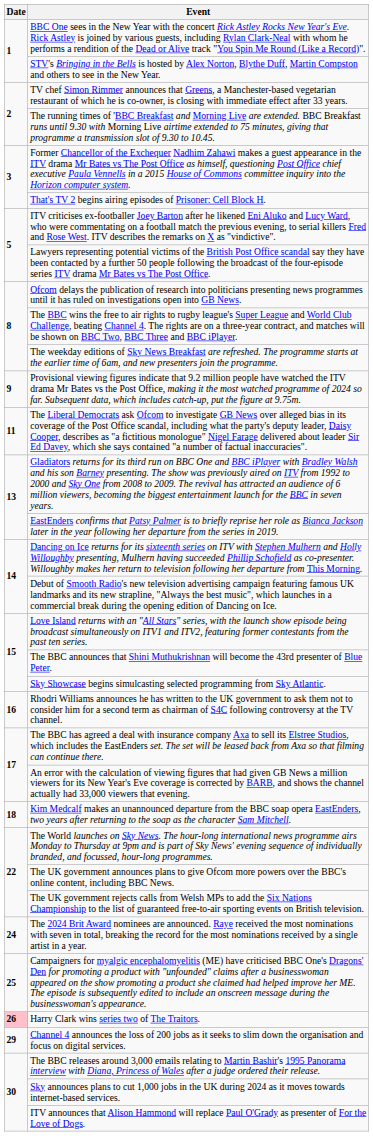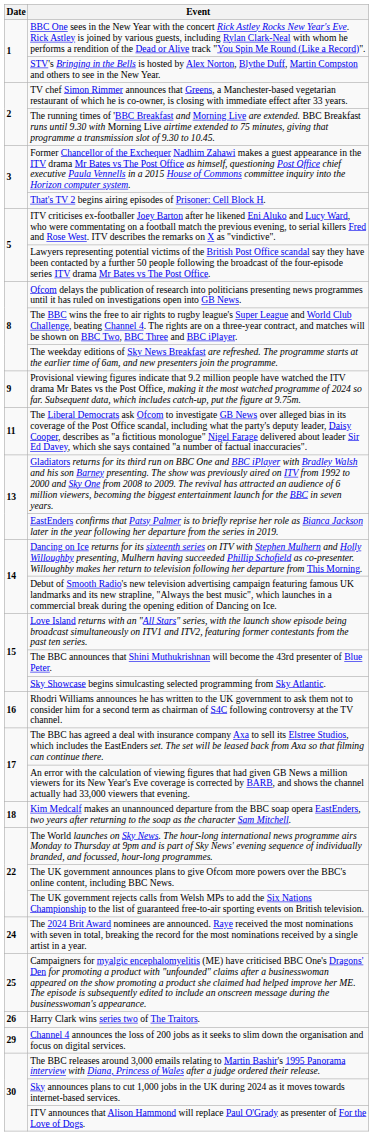 <table class="wikitable">
 <tr>
 <th>Date</th>
 <th>Event</th>
 </tr>
 <tr>
 <td rowspan=2><strong>1</strong></td>
 <td><a href='#'>BBC One</a> sees in the New Year with the concert <em><a href='#'>Rick Astley Rocks New Year's Eve</a></em>. <a href='#'>Rick Astley</a> is joined by various guests, including <a href='#'>Rylan Clark-Neal</a> with whom he performs a rendition of the <a href='#'>Dead or Alive</a> track "<a href='#'>You Spin Me Round (Like a Record)</a>".</td>
 </tr>
 <tr>
 <td><a href='#'>STV</a>'s <em><a href='#'>Bringing in the Bells</a></em> is hosted by <a href='#'>Alex Norton</a>, <a href='#'>Blythe Duff</a>, <a href='#'>Martin Compston</a> and others to see in the New Year.</td>
 </tr>
 <tr>
 <td rowspan=2><strong>2</strong></td>
 <td>TV chef <a href='#'>Simon Rimmer</a> announces that <a href='#'>Greens</a>, a Manchester-based vegetarian restaurant of which he is co-owner, is closing with immediate effect after 33 years.</td>
 </tr>
 <tr>
 <td>The running times of '<a href='#'>BBC Breakfast</a><em> and </em><a href='#'>Morning Live</a><em> are extended. </em>BBC Breakfast<em> runs until 9.30 with </em>Morning Live<em> airtime extended to 75 minutes, giving that programme a transmission slot of 9.30 to 10.45.</td>
 </tr>
 <tr>
 <td rowspan=2><strong>3</strong></td>
 <td>Former <a href='#'>Chancellor of the Exchequer</a> <a href='#'>Nadhim Zahawi</a> makes a guest appearance in the <a href='#'>ITV</a> drama </em><a href='#'>Mr Bates vs The Post Office</a><em> as himself, questioning <a href='#'>Post Office</a> chief executive <a href='#'>Paula Vennells</a> in a 2015 <a href='#'>House of Commons</a> committee inquiry into the <a href='#'>Horizon computer system</a>.</td>
 </tr>
 <tr>
 <td><a href='#'>That's TV 2</a> begins airing episodes of </em><a href='#'>Prisoner: Cell Block H</a><em>.</td>
 </tr>
 <tr>
 <td rowspan=2><strong>5</strong></td>
 <td>ITV criticises ex-footballer <a href='#'>Joey Barton</a> after he likened <a href='#'>Eni Aluko</a> and <a href='#'>Lucy Ward</a>, who were commentating on a football match the previous evening, to serial killers <a href='#'>Fred</a> and <a href='#'>Rose West</a>. ITV describes the remarks on <a href='#'>X</a> as "vindictive".</td>
 </tr>
 <tr>
 <td>Lawyers representing potential victims of the <a href='#'>British Post Office scandal</a> say they have been contacted by a further 50 people following the broadcast of the four-episode series <a href='#'>ITV</a> drama </em><a href='#'>Mr Bates vs The Post Office</a><em>.</td>
 </tr>
 <tr>
 <td rowspan=3><strong>8</strong></td>
 <td><a href='#'>Ofcom</a> delays the publication of research into politicians presenting news programmes until it has ruled on investigations open into <a href='#'>GB News</a>.</td>
 </tr>
 <tr>
 <td>The <a href='#'>BBC</a> wins the free to air rights to rugby league's <a href='#'>Super League</a> and <a href='#'>World Club Challenge</a>, beating <a href='#'>Channel 4</a>. The rights are on a three-year contract, and matches will be shown on <a href='#'>BBC Two</a>, <a href='#'>BBC Three</a> and <a href='#'>BBC iPlayer</a>.</td>
 </tr>
 <tr>
 <td>The weekday editions of </em><a href='#'>Sky News Breakfast</a><em> are refreshed. The programme starts at the earlier time of 6am, and new presenters join the programme.</td>
 </tr>
 <tr>
 <td><strong>9</strong></td>
 <td>Provisional viewing figures indicate that 9.2 million people have watched the ITV drama </em>Mr Bates vs the Post Office<em>, making it the most watched programme of 2024 so far. Subsequent data, which includes catch-up, put the figure at 9.75m.</td>
 </tr>
 <tr>
 <td><strong>11</strong></td>
 <td>The <a href='#'>Liberal Democrats</a> ask <a href='#'>Ofcom</a> to investigate <a href='#'>GB News</a> over alleged bias in its coverage of the Post Office scandal, including what the party's deputy leader, <a href='#'>Daisy Cooper</a>, describes as "a fictitious monologue" <a href='#'>Nigel Farage</a> delivered about leader <a href='#'>Sir Ed Davey</a>, which she says contained "a number of factual inaccuracies".</td>
 </tr>
 <tr>
 <td rowspan=2><strong>13</strong></td>
 <td></em><a href='#'>Gladiators</a><em> returns for its third run on BBC One and <a href='#'>BBC iPlayer</a> with <a href='#'>Bradley Walsh</a> and his son <a href='#'>Barney</a> presenting. The show was previously aired on <a href='#'>ITV</a> from 1992 to 2000 and <a href='#'>Sky One</a> from 2008 to 2009. The revival has attracted an audience of 6 million viewers, becoming the biggest entertainment launch for the <a href='#'>BBC</a> in seven years.</td>
 </tr>
 <tr>
 <td></em><a href='#'>EastEnders</a><em> confirms that <a href='#'>Patsy Palmer</a> is to briefly reprise her role as <a href='#'>Bianca Jackson</a> later in the year following her departure from the series in 2019.</td>
 </tr>
 <tr>
 <td rowspan=2><strong>14</strong></td>
 <td></em><a href='#'>Dancing on Ice</a><em> returns for its <a href='#'>sixteenth series</a> on ITV with <a href='#'>Stephen Mulhern</a> and <a href='#'>Holly Willoughby</a> presenting, Mulhern having succeeded <a href='#'>Phillip Schofield</a> as co-presenter. Willoughby makes her return to television following her departure from </em><a href='#'>This Morning</a><em>.</td>
 </tr>
 <tr>
 <td>Debut of <a href='#'>Smooth Radio</a>'s new television advertising campaign featuring famous UK landmarks and its new strapline, "Always the best music", which launches in a commercial break during the opening edition of </em>Dancing on Ice<em>.</td>
 </tr>
 <tr>
 <td rowspan=3><strong>15</strong></td>
 <td></em><a href='#'>Love Island</a><em> returns with an "<a href='#'>All Stars</a>" series, with the launch show episode being broadcast simultaneously on ITV1 and ITV2, featuring former contestants from the past ten series.</td>
 </tr>
 <tr>
 <td>The BBC announces that <a href='#'>Shini Muthukrishnan</a> will become the 43rd presenter of </em><a href='#'>Blue Peter</a><em>.</td>
 </tr>
 <tr>
 <td><a href='#'>Sky Showcase</a> begins simulcasting selected programming from <a href='#'>Sky Atlantic</a>.</td>
 </tr>
 <tr>
 <td><strong>16</strong></td>
 <td>Rhodri Williams announces he has written to the UK government to ask them not to consider him for a second term as chairman of <a href='#'>S4C</a> following controversy at the TV channel.</td>
 </tr>
 <tr>
 <td rowspan=2><strong>17</strong></td>
 <td>The BBC has agreed a deal with insurance company <a href='#'>Axa</a> to sell its <a href='#'>Elstree Studios</a>, which includes the </em>EastEnders<em> set. The set will be leased back from Axa so that filming can continue there.</td>
 </tr>
 <tr>
 <td>An error with the calculation of viewing figures that had given GB News a million viewers for its New Year's Eve coverage is corrected by <a href='#'>BARB</a>, and shows the channel actually had 33,000 viewers that evening.</td>
 </tr>
 <tr>
 <td><strong>18</strong></td>
 <td><a href='#'>Kim Medcalf</a> makes an unannounced departure from the BBC soap opera </em><a href='#'>EastEnders</a><em>, two years after returning to the soap as the character <a href='#'>Sam Mitchell</a>.</td>
 </tr>
 <tr>
 <td rowspan=3><strong>22</strong></td>
 <td></em>The World<em> launches on <a href='#'>Sky News</a>. The hour-long international news programme airs Monday to Thursday at 9pm and is part of Sky News' evening sequence of individually branded, and focussed, hour-long programmes.</td>
 </tr>
 <tr>
 <td>The UK government announces plans to give Ofcom more powers over the BBC's online content, including BBC News.</td>
 </tr>
 <tr>
 <td>The UK government rejects calls from Welsh MPs to add the <a href='#'>Six Nations Championship</a> to the list of guaranteed free-to-air sporting events on British television.</td>
 </tr>
 <tr>
 <td><strong>24</strong></td>
 <td>The <a href='#'>2024 Brit Award</a> nominees are announced. <a href='#'>Raye</a> received the most nominations with seven in total, breaking the record for the most nominations received by a single artist in a year.</td>
 </tr>
 <tr>
 <td><strong>25</strong></td>
 <td>Campaigners for <a href='#'>myalgic encephalomyelitis</a> (ME) have criticised BBC One's </em><a href='#'>Dragons' Den</a><em> for promoting a product with "unfounded" claims after a businesswoman appeared on the show promoting a product she claimed had helped improve her ME. The episode is subsequently edited to include an onscreen message during the businesswoman's appearance.</td>
 </tr>
 <tr>
-<td style="background: pink;"><strong>26</strong></td>
+<td><strong>26</strong></td>
 <td>Harry Clark wins <a href='#'>series two</a> of </em><a href='#'>The Traitors</a><em>.</td>
 </tr>
 <tr>
 <td><strong>29</strong></td>
 <td><a href='#'>Channel 4</a> announces the loss of 200 jobs as it seeks to slim down the organisation and focus on digital services.</td>
 </tr>
 <tr>
 <td rowspan=3><strong>30</strong></td>
 <td>The BBC releases around 3,000 emails relating to <a href='#'>Martin Bashir</a>'s <a href='#'>1995 </em>Panorama<em> interview</a> with <a href='#'>Diana, Princess of Wales</a> after a judge ordered their release.</td>
 </tr>
 <tr>
 <td><a href='#'>Sky</a> announces plans to cut 1,000 jobs in the UK during 2024 as it moves towards internet-based services.</td>
 </tr>
 <tr>
 <td>ITV announces that <a href='#'>Alison Hammond</a> will replace <a href='#'>Paul O'Grady</a> as presenter of </em><a href='#'>For the Love of Dogs</a><em>.</td>
 </tr>
 </table>
